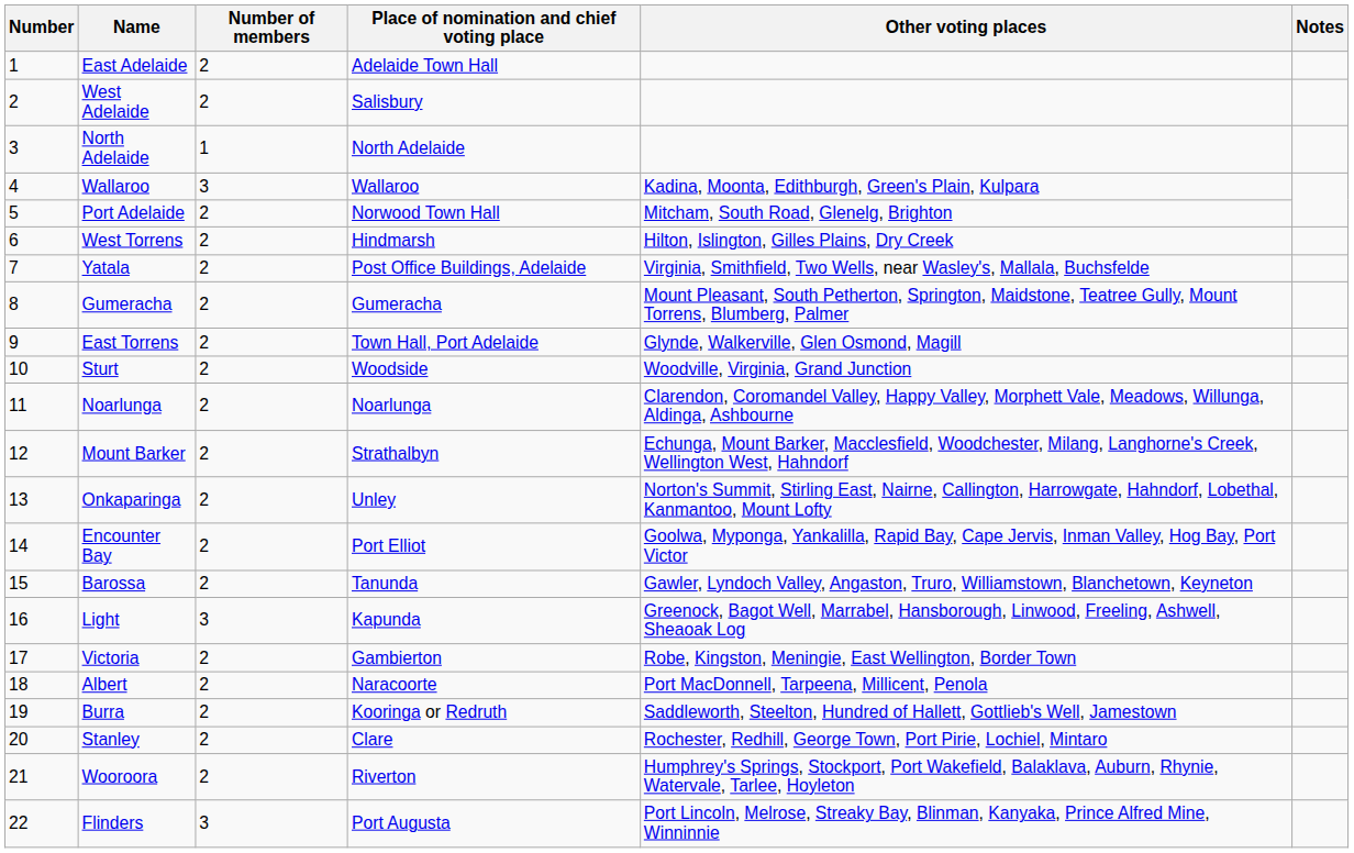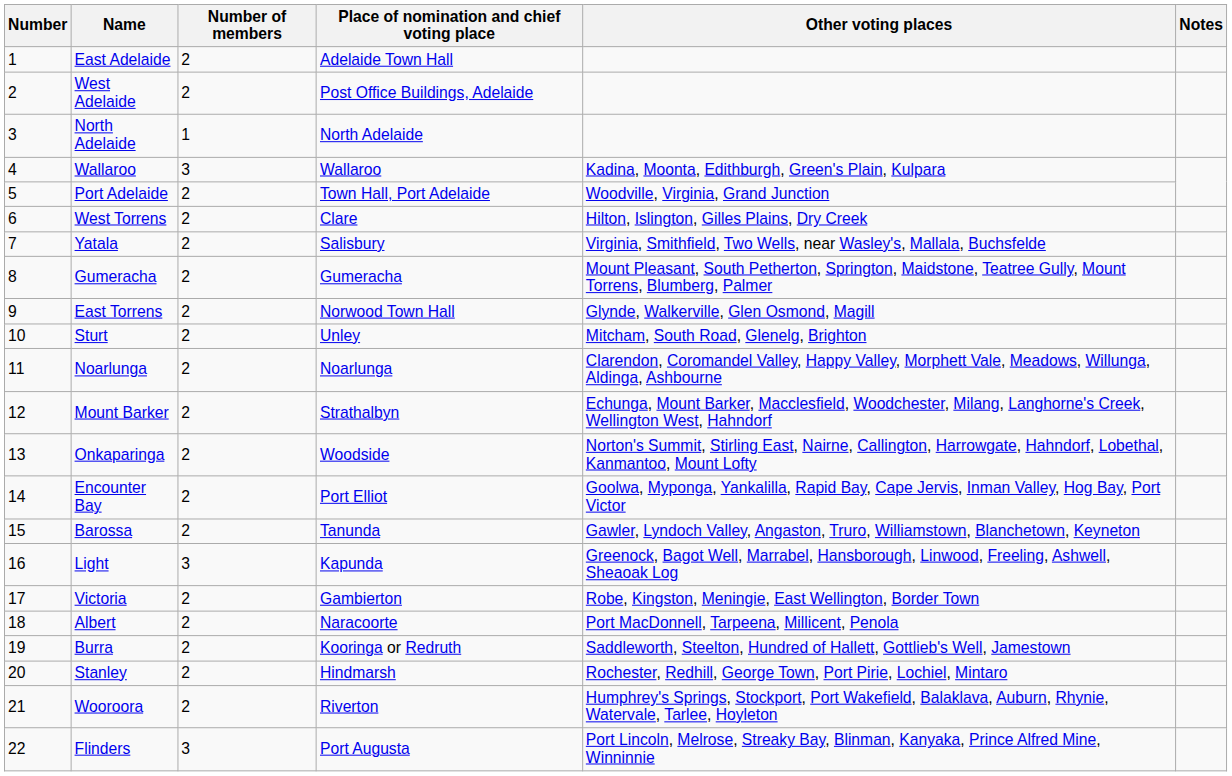 <table class="wikitable">
 <tr>
 <th>Number</th>
 <th>Name</th>
 <th>Number of members</th>
 <th>Place of nomination and chief voting place</th>
 <th>Other voting places</th>
 <th>Notes</th>
 </tr>
 <tr>
 <td>1</td>
 <td><a href='#'>East Adelaide</a></td>
 <td>2</td>
 <td><a href='#'>Adelaide Town Hall</a></td>
 <td></td>
 <td></td>
 </tr>
 <tr>
 <td>2</td>
 <td><a href='#'>West Adelaide</a></td>
 <td>2</td>
-<td><a href='#'>Salisbury</a></td>
+<td><a href='#'>Post Office Buildings, Adelaide</a></td>
 <td></td>
 <td></td>
 </tr>
 <tr>
 <td>3</td>
 <td><a href='#'>North Adelaide</a></td>
 <td>1</td>
 <td><a href='#'>North Adelaide</a></td>
 <td></td>
 <td></td>
 </tr>
 <tr>
 <td>4</td>
 <td><a href='#'>Wallaroo</a></td>
 <td>3</td>
 <td><a href='#'>Wallaroo</a></td>
 <td><a href='#'>Kadina</a>, <a href='#'>Moonta</a>, <a href='#'>Edithburgh</a>, <a href='#'>Green's Plain</a>, <a href='#'>Kulpara</a></td>
 </tr>
 <tr>
 <td>5</td>
 <td><a href='#'>Port Adelaide</a></td>
 <td>2</td>
-<td><a href='#'>Norwood Town Hall</a></td>
-<td><a href='#'>Mitcham</a>, <a href='#'>South Road</a>, <a href='#'>Glenelg</a>, <a href='#'>Brighton</a></td>
+<td><a href='#'>Town Hall, Port Adelaide</a></td>
+<td><a href='#'>Woodville</a>, <a href='#'>Virginia</a>, <a href='#'>Grand Junction</a></td>
 </tr>
 <tr>
 <td>6</td>
 <td><a href='#'>West Torrens</a></td>
 <td>2</td>
-<td><a href='#'>Hindmarsh</a></td>
+<td><a href='#'>Clare</a></td>
 <td><a href='#'>Hilton</a>, <a href='#'>Islington</a>, <a href='#'>Gilles Plains</a>, <a href='#'>Dry Creek</a></td>
 <td></td>
 </tr>
 <tr>
 <td>7</td>
 <td><a href='#'>Yatala</a></td>
 <td>2</td>
-<td><a href='#'>Post Office Buildings, Adelaide</a></td>
+<td><a href='#'>Salisbury</a></td>
 <td><a href='#'>Virginia</a>, <a href='#'>Smithfield</a>, <a href='#'>Two Wells</a>, near <a href='#'>Wasley's</a>, <a href='#'>Mallala</a>, <a href='#'>Buchsfelde</a></td>
 <td></td>
 </tr>
 <tr>
 <td>8</td>
 <td><a href='#'>Gumeracha</a></td>
 <td>2</td>
 <td><a href='#'>Gumeracha</a></td>
 <td><a href='#'>Mount Pleasant</a>, <a href='#'>South Petherton</a>, <a href='#'>Springton</a>, <a href='#'>Maidstone</a>, <a href='#'>Teatree Gully</a>, <a href='#'>Mount Torrens</a>, <a href='#'>Blumberg</a>, <a href='#'>Palmer</a></td>
 <td></td>
 </tr>
 <tr>
 <td>9</td>
 <td><a href='#'>East Torrens</a></td>
 <td>2</td>
-<td><a href='#'>Town Hall, Port Adelaide</a></td>
+<td><a href='#'>Norwood Town Hall</a></td>
 <td><a href='#'>Glynde</a>, <a href='#'>Walkerville</a>, <a href='#'>Glen Osmond</a>, <a href='#'>Magill</a></td>
 <td></td>
 </tr>
 <tr>
 <td>10</td>
 <td><a href='#'>Sturt</a></td>
 <td>2</td>
-<td><a href='#'>Woodside</a></td>
-<td><a href='#'>Woodville</a>, <a href='#'>Virginia</a>, <a href='#'>Grand Junction</a></td>
+<td><a href='#'>Unley</a></td>
+<td><a href='#'>Mitcham</a>, <a href='#'>South Road</a>, <a href='#'>Glenelg</a>, <a href='#'>Brighton</a></td>
 <td></td>
 </tr>
 <tr>
 <td>11</td>
 <td><a href='#'>Noarlunga</a></td>
 <td>2</td>
 <td><a href='#'>Noarlunga</a></td>
 <td><a href='#'>Clarendon</a>, <a href='#'>Coromandel Valley</a>, <a href='#'>Happy Valley</a>, <a href='#'>Morphett Vale</a>, <a href='#'>Meadows</a>, <a href='#'>Willunga</a>, <a href='#'>Aldinga</a>, <a href='#'>Ashbourne</a></td>
 <td></td>
 </tr>
 <tr>
 <td>12</td>
 <td><a href='#'>Mount Barker</a></td>
 <td>2</td>
 <td><a href='#'>Strathalbyn</a></td>
 <td><a href='#'>Echunga</a>, <a href='#'>Mount Barker</a>, <a href='#'>Macclesfield</a>, <a href='#'>Woodchester</a>, <a href='#'>Milang</a>, <a href='#'>Langhorne's Creek</a>, <a href='#'>Wellington West</a>, <a href='#'>Hahndorf</a></td>
 </tr>
 <tr>
 <td>13</td>
 <td><a href='#'>Onkaparinga</a></td>
 <td>2</td>
-<td><a href='#'>Unley</a></td>
+<td><a href='#'>Woodside</a></td>
 <td><a href='#'>Norton's Summit</a>, <a href='#'>Stirling East</a>, <a href='#'>Nairne</a>, <a href='#'>Callington</a>, <a href='#'>Harrowgate</a>, <a href='#'>Hahndorf</a>, <a href='#'>Lobethal</a>, <a href='#'>Kanmantoo</a>, <a href='#'>Mount Lofty</a></td>
 <td></td>
 </tr>
 <tr>
 <td>14</td>
 <td><a href='#'>Encounter Bay</a></td>
 <td>2</td>
 <td><a href='#'>Port Elliot</a></td>
 <td><a href='#'>Goolwa</a>, <a href='#'>Myponga</a>, <a href='#'>Yankalilla</a>, <a href='#'>Rapid Bay</a>, <a href='#'>Cape Jervis</a>, <a href='#'>Inman Valley</a>, <a href='#'>Hog Bay</a>, <a href='#'>Port Victor</a></td>
 <td></td>
 </tr>
 <tr>
 <td>15</td>
 <td><a href='#'>Barossa</a></td>
 <td>2</td>
 <td><a href='#'>Tanunda</a></td>
 <td><a href='#'>Gawler</a>, <a href='#'>Lyndoch Valley</a>, <a href='#'>Angaston</a>, <a href='#'>Truro</a>, <a href='#'>Williamstown</a>, <a href='#'>Blanchetown</a>, <a href='#'>Keyneton</a></td>
 <td></td>
 </tr>
 <tr>
 <td>16</td>
 <td><a href='#'>Light</a></td>
 <td>3</td>
 <td><a href='#'>Kapunda</a></td>
 <td><a href='#'>Greenock</a>, <a href='#'>Bagot Well</a>, <a href='#'>Marrabel</a>, <a href='#'>Hansborough</a>, <a href='#'>Linwood</a>, <a href='#'>Freeling</a>, <a href='#'>Ashwell</a>, <a href='#'>Sheaoak Log</a></td>
 <td></td>
 </tr>
 <tr>
 <td>17</td>
 <td><a href='#'>Victoria</a></td>
 <td>2</td>
 <td><a href='#'>Gambierton</a></td>
 <td><a href='#'>Robe</a>, <a href='#'>Kingston</a>, <a href='#'>Meningie</a>, <a href='#'>East Wellington</a>, <a href='#'>Border Town</a></td>
 <td></td>
 </tr>
 <tr>
 <td>18</td>
 <td><a href='#'>Albert</a></td>
 <td>2</td>
 <td><a href='#'>Naracoorte</a></td>
 <td><a href='#'>Port MacDonnell</a>, <a href='#'>Tarpeena</a>, <a href='#'>Millicent</a>, <a href='#'>Penola</a></td>
 <td></td>
 </tr>
 <tr>
 <td>19</td>
 <td><a href='#'>Burra</a></td>
 <td>2</td>
 <td><a href='#'>Kooringa</a> or <a href='#'>Redruth</a></td>
 <td><a href='#'>Saddleworth</a>, <a href='#'>Steelton</a>, <a href='#'>Hundred of Hallett</a>, <a href='#'>Gottlieb's Well</a>, <a href='#'>Jamestown</a></td>
 <td></td>
 </tr>
 <tr>
 <td>20</td>
 <td><a href='#'>Stanley</a></td>
 <td>2</td>
-<td><a href='#'>Clare</a></td>
+<td><a href='#'>Hindmarsh</a></td>
 <td><a href='#'>Rochester</a>, <a href='#'>Redhill</a>, <a href='#'>George Town</a>, <a href='#'>Port Pirie</a>, <a href='#'>Lochiel</a>, <a href='#'>Mintaro</a></td>
 <td></td>
 </tr>
 <tr>
 <td>21</td>
 <td><a href='#'>Wooroora</a></td>
 <td>2</td>
 <td><a href='#'>Riverton</a></td>
 <td><a href='#'>Humphrey's Springs</a>, <a href='#'>Stockport</a>, <a href='#'>Port Wakefield</a>, <a href='#'>Balaklava</a>, <a href='#'>Auburn</a>, <a href='#'>Rhynie</a>, <a href='#'>Watervale</a>, <a href='#'>Tarlee</a>, <a href='#'>Hoyleton</a></td>
 <td></td>
 </tr>
 <tr>
 <td>22</td>
 <td><a href='#'>Flinders</a></td>
 <td>3</td>
 <td><a href='#'>Port Augusta</a></td>
 <td><a href='#'>Port Lincoln</a>, <a href='#'>Melrose</a>, <a href='#'>Streaky Bay</a>, <a href='#'>Blinman</a>, <a href='#'>Kanyaka</a>, <a href='#'>Prince Alfred Mine</a>, <a href='#'>Winninnie</a></td>
 <td></td>
 </tr>
 </table>
